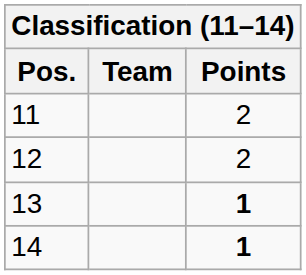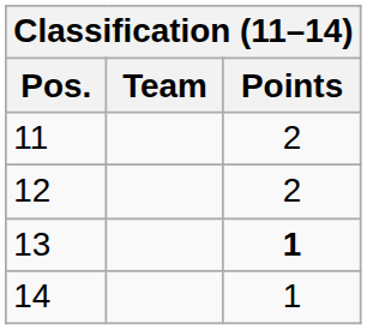 <table class="collapsible collapsed wikitable" margin-top:-1px;">
 <tr>
 <th scope="col" colspan="4">Classification (11–14)</th>
 </tr>
 <tr>
 <th>Pos.</th>
 <th>Team</th>
 <th>Points</th>
 </tr>
 <tr |->
 <td>11</td>
 <td></td>
 <td align=center>2</td>
 </tr>
 <tr>
 <td>12</td>
 <td></td>
 <td align=center>2</td>
 </tr>
 <tr>
 <td>13</td>
 <td></td>
 <td align=center><strong>1</strong></td>
 </tr>
 <tr>
 <td>14</td>
 <td></td>
-<td align=center><strong>1</strong></td>
+<td align=center>1</td>
 </tr>
 </table>
